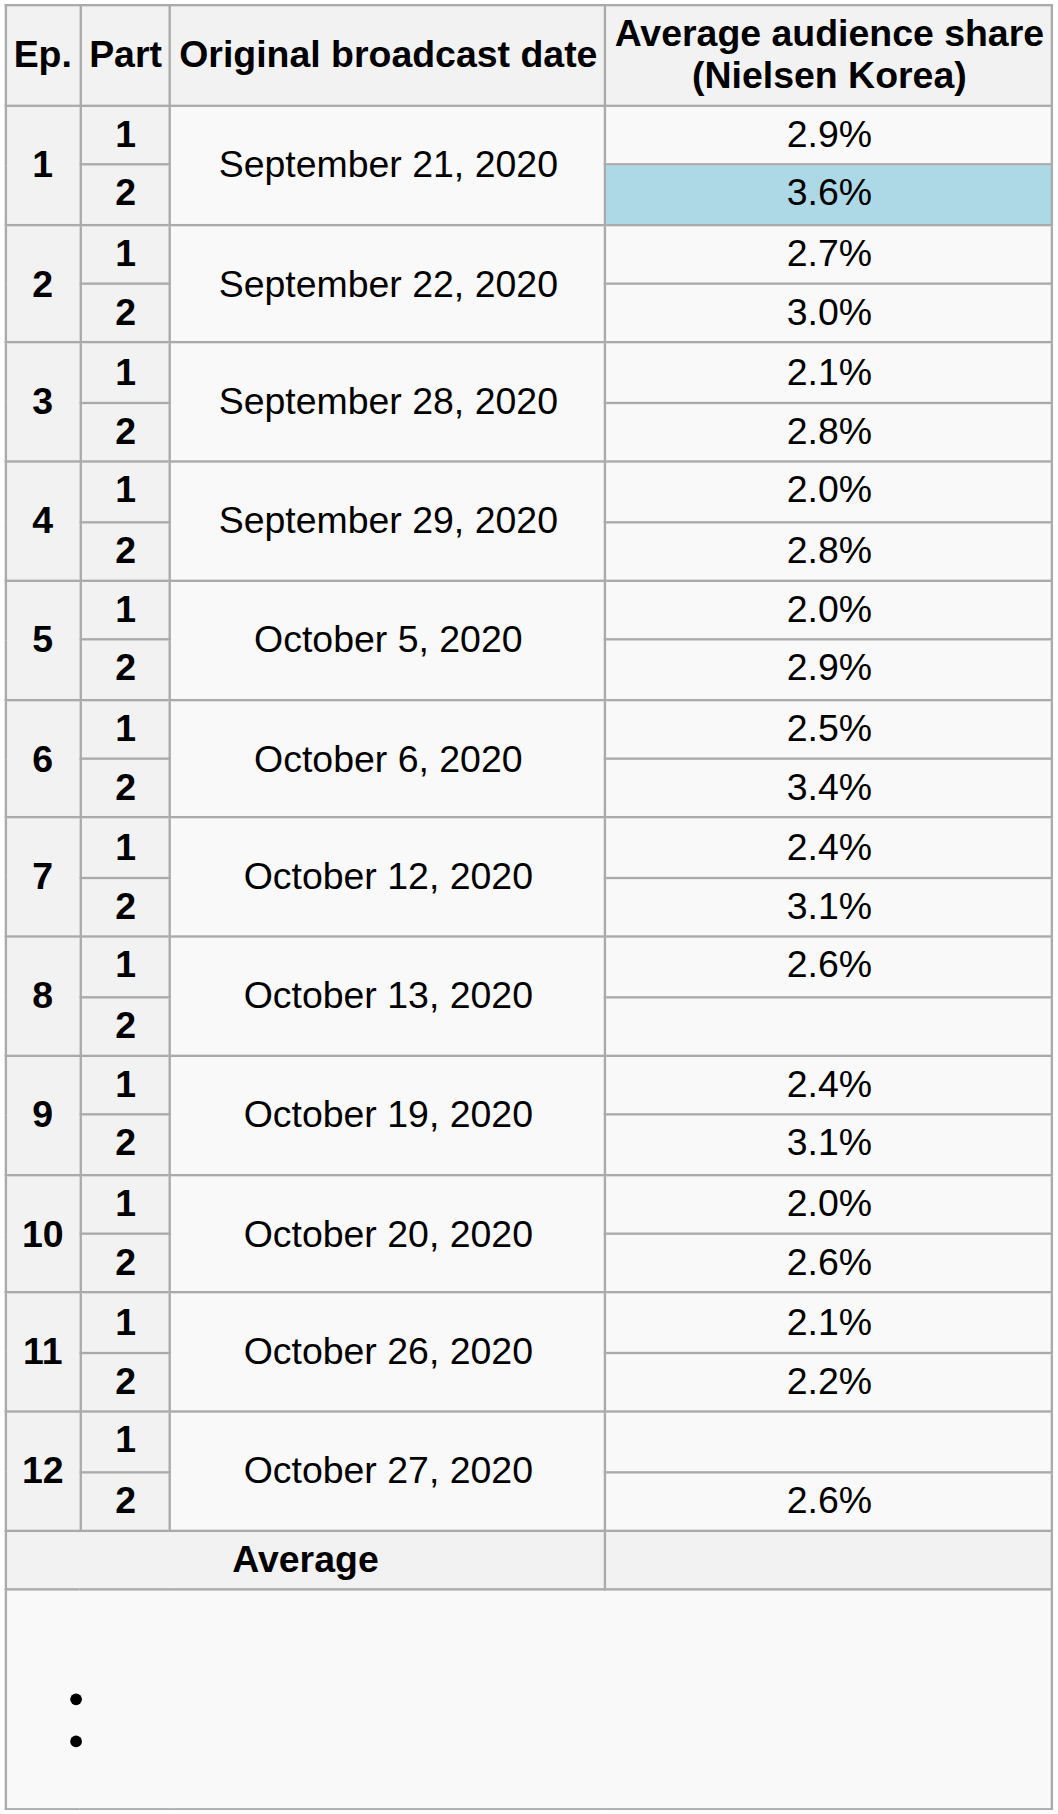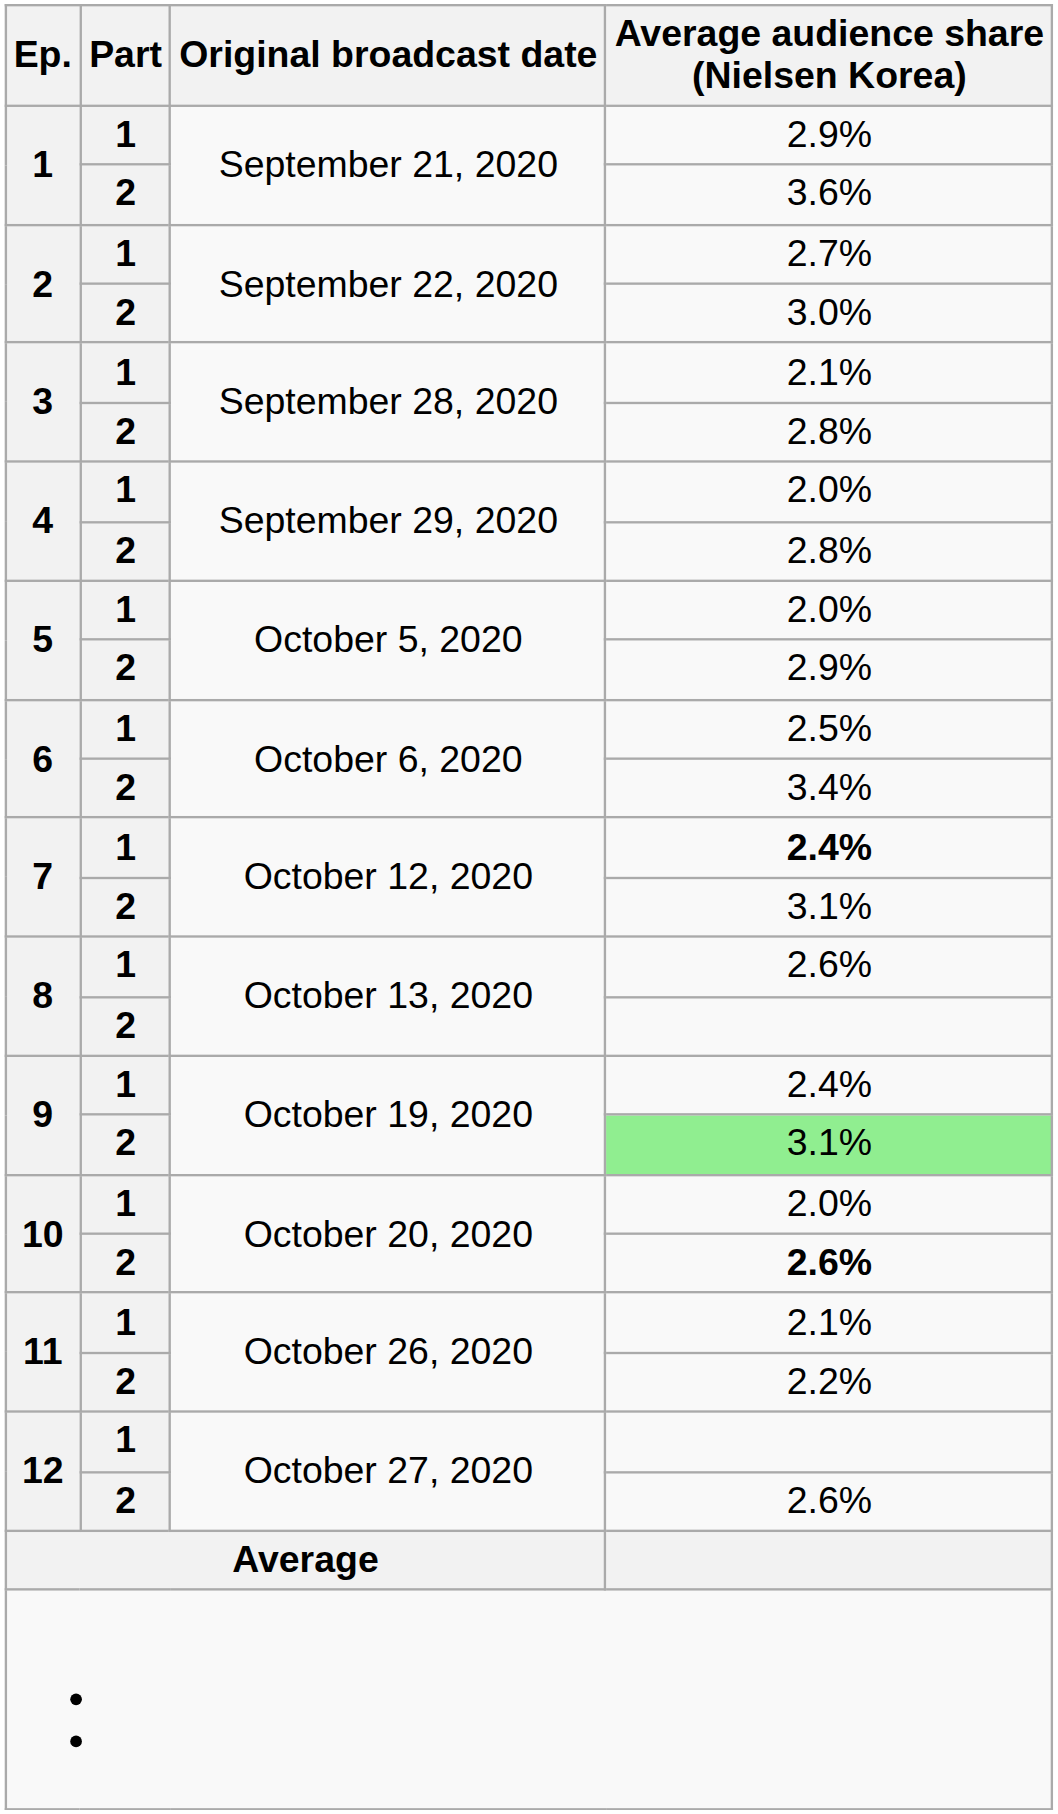 <table class="wikitable" style="text-align:center;max-width:450px; margin-left: auto; margin-right: auto; border: none;">
 <tr>
 </tr>
 <tr>
 <th>Ep.</th>
 <th>Part</th>
 <th>Original broadcast date</th>
 <th>Average audience share<br>(Nielsen Korea)</th>
 </tr>
 <tr>
 <th rowspan="2">1</th>
 <th>1</th>
 <td rowspan="2">September 21, 2020</td>
 <td>2.9%</td>
 </tr>
 <tr>
 <th>2</th>
-<td style="background: lightblue;">3.6%</td>
+<td>3.6%</td>
 </tr>
 <tr>
 <th rowspan="2">2</th>
 <th>1</th>
 <td rowspan="2">September 22, 2020</td>
 <td>2.7%</td>
 </tr>
 <tr>
 <th>2</th>
 <td>3.0%</td>
 </tr>
 <tr>
 <th rowspan="2">3</th>
 <th>1</th>
 <td rowspan="2">September 28, 2020</td>
 <td>2.1%</td>
 </tr>
 <tr>
 <th>2</th>
 <td>2.8%</td>
 </tr>
 <tr>
 <th rowspan="2">4</th>
 <th>1</th>
 <td rowspan="2">September 29, 2020</td>
 <td>2.0%</td>
 </tr>
 <tr>
 <th>2</th>
 <td>2.8%</td>
 </tr>
 <tr>
 <th rowspan="2">5</th>
 <th>1</th>
 <td rowspan="2">October 5, 2020</td>
 <td>2.0%</td>
 </tr>
 <tr>
 <th>2</th>
 <td>2.9%</td>
 </tr>
 <tr>
 <th rowspan="2">6</th>
 <th>1</th>
 <td rowspan="2">October 6, 2020</td>
 <td>2.5%</td>
 </tr>
 <tr>
 <th>2</th>
 <td>3.4%</td>
 </tr>
 <tr>
 <th rowspan="2">7</th>
 <th>1</th>
 <td rowspan="2">October 12, 2020</td>
-<td>2.4%</td>
+<td><strong>2.4%</strong></td>
 </tr>
 <tr>
 <th>2</th>
 <td>3.1%</td>
 </tr>
 <tr>
 <th rowspan="2">8</th>
 <th>1</th>
 <td rowspan="2">October 13, 2020</td>
 <td>2.6%</td>
 </tr>
 <tr>
 <th>2</th>
 <td><strong></strong></td>
 </tr>
 <tr>
 <th rowspan="2">9</th>
 <th>1</th>
 <td rowspan="2">October 19, 2020</td>
 <td>2.4%</td>
 </tr>
 <tr>
 <th>2</th>
-<td>3.1%</td>
+<td style="background: lightgreen;">3.1%</td>
 </tr>
 <tr>
 <th rowspan="2">10</th>
 <th>1</th>
 <td rowspan="2">October 20, 2020</td>
 <td>2.0%</td>
 </tr>
 <tr>
 <th>2</th>
-<td>2.6%</td>
+<td><strong>2.6%</strong></td>
 </tr>
 <tr>
 <th rowspan="2">11</th>
 <th>1</th>
 <td rowspan="2">October 26, 2020</td>
 <td>2.1%</td>
 </tr>
 <tr>
 <th>2</th>
 <td>2.2%</td>
 </tr>
 <tr>
 <th rowspan="2">12</th>
 <th>1</th>
 <td rowspan="2">October 27, 2020</td>
 <td><strong></strong></td>
 </tr>
 <tr>
 <th>2</th>
 <td>2.6%</td>
 </tr>
 <tr>
 <th colspan="3">Average</th>
 <th></th>
 </tr>
 <tr>
 <td colspan="5"><br><ul><li></li><li></li></ul></td>
 </tr>
 </table>
